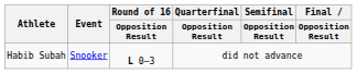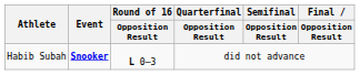 <table class=wikitable style=font-size:90%;text-align:center>
 <tr>
 <th rowspan=2>Athlete</th>
 <th rowspan=2>Event</th>
 <th>Round of 16</th>
 <th>Quarterfinal</th>
 <th>Semifinal</th>
 <th>Final / </th>
 </tr>
 <tr style=font-size:95%>
 <th>Opposition<br>Result</th>
 <th>Opposition<br>Result</th>
 <th>Opposition<br>Result</th>
 <th>Opposition<br>Result</th>
 </tr>
 <tr>
 <td align=left>Habib Subah</td>
-<td align=left><a href='#'>Snooker</a></td>
+<td align=left><strong><a href='#'>Snooker</a></strong></td>
 <td><br><strong>L</strong> 0–3</td>
 <td colspan=4>did not advance</td>
 </tr>
 </table>
